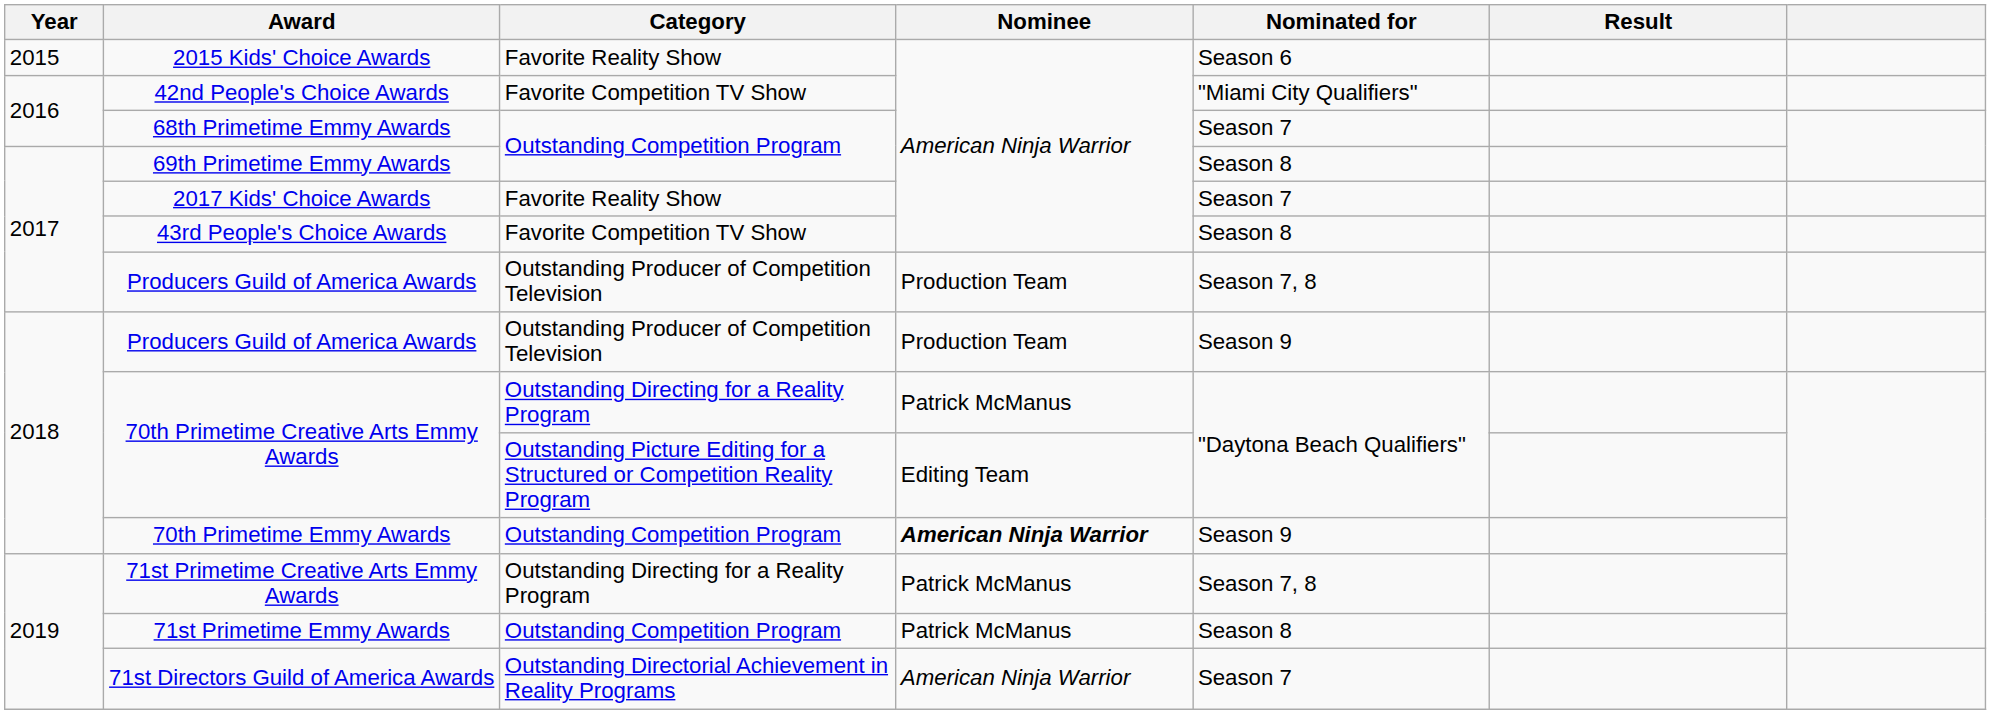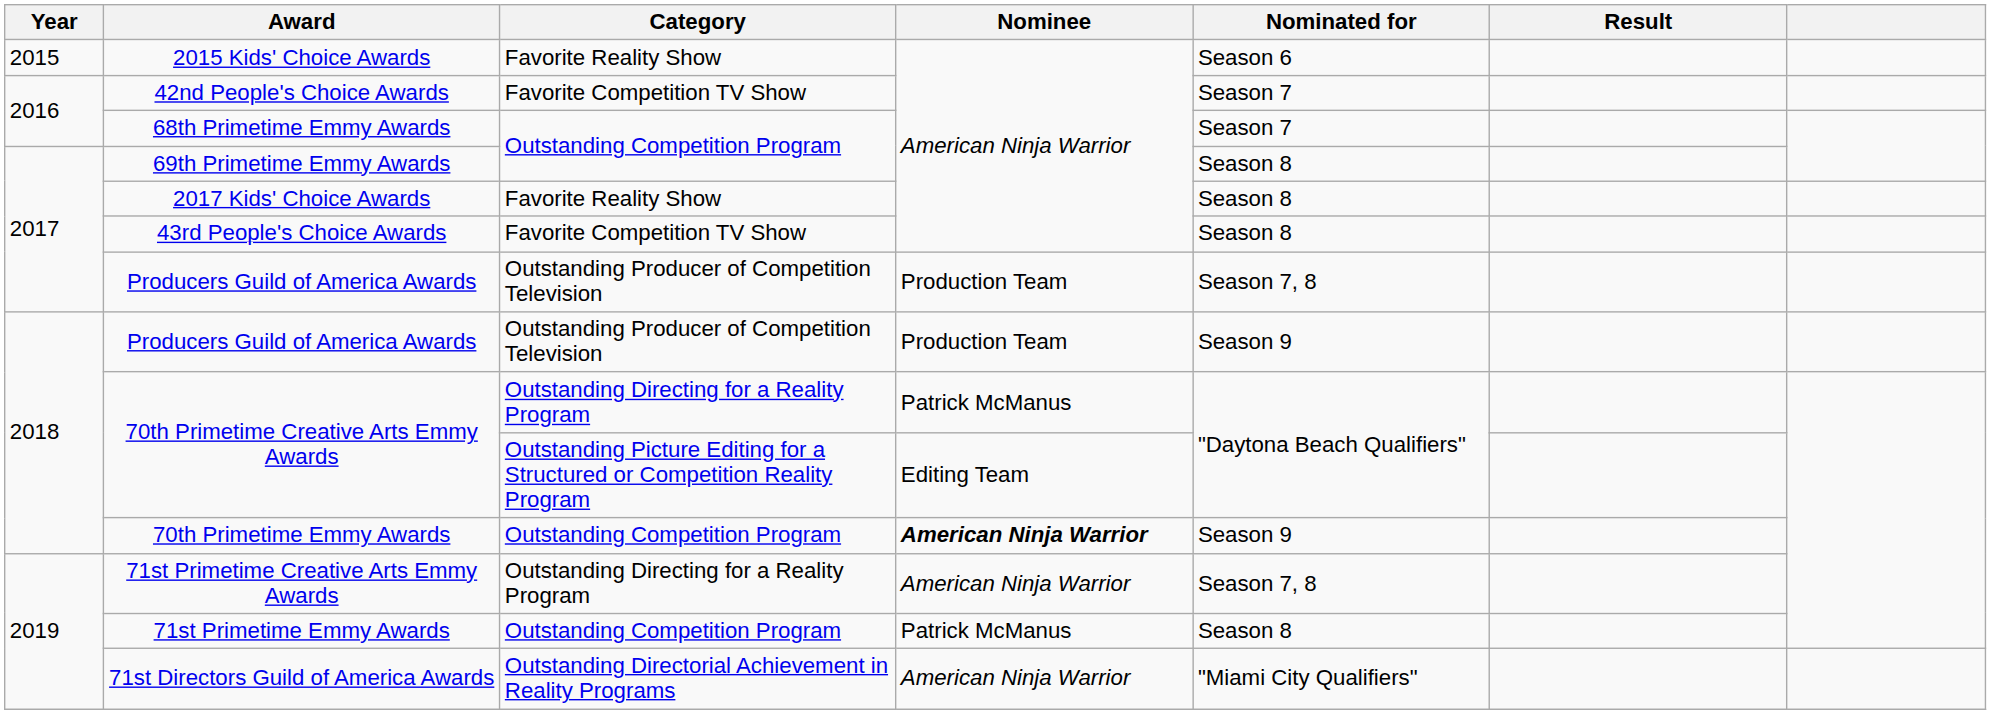 <table class="wikitable" width="90%">
 <tr>
 <th width="5%">Year</th>
 <th width="20%">Award</th>
 <th width="20%">Category</th>
 <th width="15%">Nominee</th>
 <th width="15%">Nominated for</th>
 <th width="15%">Result</th>
 <th></th>
 </tr>
 <tr>
 <td>2015</td>
 <td align="center"><a href='#'>2015 Kids' Choice Awards</a></td>
 <td>Favorite Reality Show</td>
 <td rowspan="6"><em>American Ninja Warrior</em></td>
 <td>Season 6</td>
 <td></td>
 <td align="center"></td>
 </tr>
 <tr>
 <td rowspan="2">2016</td>
 <td align="center"><a href='#'>42nd People's Choice Awards</a></td>
 <td>Favorite Competition TV Show</td>
-<td>"Miami City Qualifiers"</td>
+<td>Season 7</td>
 <td></td>
 <td align="center"></td>
 </tr>
 <tr>
 <td align="center"><a href='#'>68th Primetime Emmy Awards</a></td>
 <td rowspan="2"><a href='#'>Outstanding Competition Program</a></td>
 <td>Season 7</td>
 <td></td>
 <td rowspan="2" align="center"></td>
 </tr>
 <tr>
 <td rowspan="4">2017</td>
 <td align="center"><a href='#'>69th Primetime Emmy Awards</a></td>
 <td>Season 8</td>
 <td></td>
 </tr>
 <tr>
 <td align="center"><a href='#'>2017 Kids' Choice Awards</a></td>
 <td>Favorite Reality Show</td>
-<td>Season 7</td>
+<td>Season 8</td>
 <td></td>
 <td align="center"></td>
 </tr>
 <tr>
 <td align="center"><a href='#'>43rd People's Choice Awards</a></td>
 <td>Favorite Competition TV Show</td>
 <td>Season 8</td>
 <td></td>
 <td align="center"></td>
 </tr>
 <tr>
 <td align="center"><a href='#'>Producers Guild of America Awards</a></td>
 <td>Outstanding Producer of Competition Television</td>
 <td>Production Team</td>
 <td>Season 7, 8</td>
 <td></td>
 <td align="center"></td>
 </tr>
 <tr>
 <td rowspan="4">2018</td>
 <td align="center"><a href='#'>Producers Guild of America Awards</a></td>
 <td>Outstanding Producer of Competition Television</td>
 <td>Production Team</td>
 <td>Season 9</td>
 <td></td>
 <td align="center"></td>
 </tr>
 <tr>
 <td rowspan="2" align="center"><a href='#'>70th Primetime Creative Arts Emmy Awards</a></td>
 <td><a href='#'>Outstanding Directing for a Reality Program</a></td>
 <td>Patrick McManus</td>
 <td rowspan="2">"Daytona Beach Qualifiers"</td>
 <td></td>
 <td rowspan="5" align="center"></td>
 </tr>
 <tr>
 <td><a href='#'>Outstanding Picture Editing for a Structured or Competition Reality Program</a></td>
 <td>Editing Team</td>
 <td></td>
 </tr>
 <tr>
 <td align="center"><a href='#'>70th Primetime Emmy Awards</a></td>
 <td><a href='#'>Outstanding Competition Program</a></td>
 <td><strong><em>American Ninja Warrior</em></strong></td>
 <td>Season 9</td>
 <td></td>
 </tr>
 <tr>
 <td rowspan="3">2019</td>
 <td align="center"><a href='#'>71st Primetime Creative Arts Emmy Awards</a></td>
 <td>Outstanding Directing for a Reality Program</td>
-<td>Patrick McManus</td>
+<td><em>American Ninja Warrior</em></td>
 <td>Season 7, 8</td>
 <td></td>
 </tr>
 <tr>
 <td align="center"><a href='#'>71st Primetime Emmy Awards</a></td>
 <td><a href='#'>Outstanding Competition Program</a></td>
 <td>Patrick McManus</td>
 <td>Season 8</td>
 <td></td>
 </tr>
 <tr>
 <td align="center"><a href='#'>71st Directors Guild of America Awards</a></td>
 <td><a href='#'>Outstanding Directorial Achievement in Reality Programs</a></td>
 <td><em>American Ninja Warrior</em></td>
-<td>Season 7</td>
+<td>"Miami City Qualifiers"</td>
 <td></td>
 <td align="center"></td>
 </tr>
 <tr>
 </tr>
 </table>
